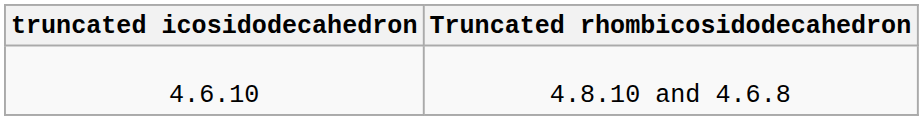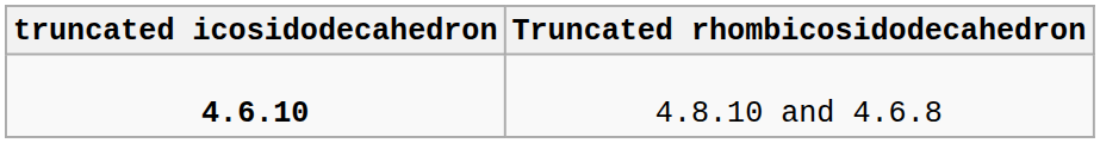 <table class=wikitable>
 <tr align=center>
 <th>truncated icosidodecahedron</th>
 <th>Truncated rhombicosidodecahedron</th>
 </tr>
 <tr align=center>
-<td><br>4.6.10</td>
+<td><strong><br>4.6.10</strong></td>
 <td><br>4.8.10 and 4.6.8</td>
 </tr>
 </table>
